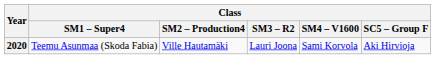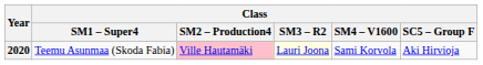 <table class="wikitable" style="font-size: 95%">
 <tr>
 <th rowspan="2">Year</th>
 <th colspan="6">Class</th>
 </tr>
 <tr>
 <th>SM1 – Super4</th>
 <th>SM2 – Production4</th>
 <th>SM3 – R2</th>
 <th>SM4 – V1600</th>
 <th>SC5 – Group F</th>
 </tr>
 <tr>
 <th>2020</th>
 <td><a href='#'>Teemu Asunmaa</a> (Skoda Fabia)</td>
-<td><a href='#'>Ville Hautamäki</a></td>
-<td><a href='#'>Lauri Joona</a></td>
+<td style="background: pink;"><a href='#'>Ville Hautamäki</a></td>
+<td style="background: lightyellow;"><a href='#'>Lauri Joona</a></td>
 <td><a href='#'>Sami Korvola</a></td>
 <td><a href='#'>Aki Hirvioja</a></td>
 </tr>
 </table>
